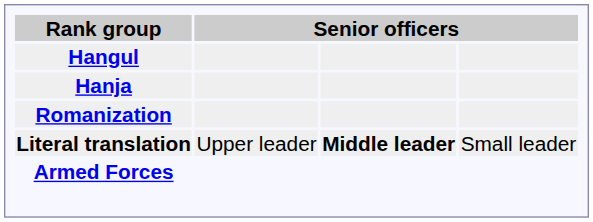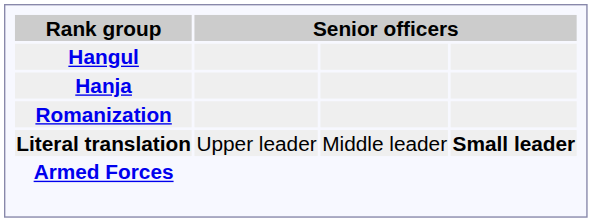 <table style="border:1px solid #8888aa; background-color:#f7f8ff; padding:5px; font-size:95%; margin: 0px 12px 12px 0px; text-align:center;">
 <tr style="background-color:#CCCCCC;">
 <th>Rank group</th>
 <th colspan=4>Senior officers</th>
 </tr>
 <tr style="background:#efefef;">
 <th><a href='#'>Hangul</a></th>
 <td></td>
 <td></td>
 <td></td>
 </tr>
 <tr style="background:#efefef;">
 <th><a href='#'>Hanja</a></th>
 <td></td>
 <td></td>
 <td></td>
 </tr>
 <tr style="background:#efefef;">
 <th><a href='#'>Romanization</a></th>
 <td></td>
 <td></td>
 <td></td>
 </tr>
 <tr style="background:#efefef;">
 <th>Literal translation</th>
 <td>Upper leader</td>
-<td><strong>Middle leader</strong></td>
-<td>Small leader</td>
+<td>Middle leader</td>
+<td><strong>Small leader</strong></td>
 </tr>
 <tr>
 <td><strong> <a href='#'>Armed Forces</a></strong></td>
 <td></td>
 <td></td>
 <td></td>
 </tr>
 <tr>
 <td><strong></strong></td>
 <td></td>
 <td></td>
 <td></td>
 </tr>
 <tr>
 <td><strong></strong></td>
 <td></td>
 <td></td>
 <td></td>
 </tr>
 <tr>
 <td><strong></strong></td>
 <td></td>
 <td></td>
 <td></td>
 </tr>
 <tr>
 <td><strong></strong></td>
 <td></td>
 <td></td>
 <td></td>
 </tr>
 </table>
